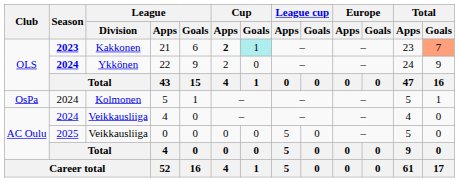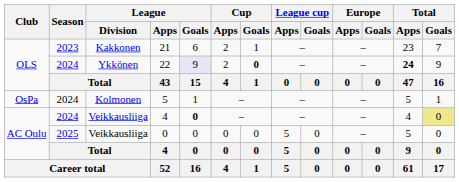 <table class="wikitable" style="text-align:center">
 <tr>
 <th rowspan="2">Club</th>
 <th rowspan="2">Season</th>
 <th colspan="3">League</th>
 <th colspan="2">Cup</th>
 <th colspan="2"><a href='#'>League cup</a></th>
 <th colspan="2">Europe</th>
 <th colspan="2">Total</th>
 </tr>
 <tr>
 <th>Division</th>
 <th>Apps</th>
 <th>Goals</th>
 <th>Apps</th>
 <th>Goals</th>
 <th>Apps</th>
 <th>Goals</th>
 <th>Apps</th>
 <th>Goals</th>
 <th>Apps</th>
 <th>Goals</th>
 </tr>
 <tr>
 <td rowspan=3><a href='#'>OLS</a></td>
-<td><strong><a href='#'>2023</a></strong></td>
+<td><a href='#'>2023</a></td>
 <td><a href='#'>Kakkonen</a></td>
 <td>21</td>
 <td>6</td>
-<td><strong>2</strong></td>
-<td style="background: paleturquoise;">1</td>
+<td>2</td>
+<td>1</td>
 <td colspan=2>–</td>
 <td colspan=2>–</td>
 <td>23</td>
-<td style="background: lightsalmon;">7</td>
+<td>7</td>
 </tr>
 <tr>
-<td><strong><a href='#'>2024</a></strong></td>
+<td><a href='#'>2024</a></td>
 <td><a href='#'>Ykkönen</a></td>
 <td>22</td>
-<td>9</td>
+<td style="background: lavender;">9</td>
 <td>2</td>
-<td>0</td>
+<td><strong>0</strong></td>
 <td colspan=2>–</td>
 <td colspan=2>–</td>
-<td>24</td>
+<td><strong>24</strong></td>
 <td>9</td>
 </tr>
 <tr>
 <th colspan=2>Total</th>
 <th>43</th>
 <th>15</th>
 <th>4</th>
 <th>1</th>
 <th>0</th>
 <th>0</th>
 <th>0</th>
 <th>0</th>
 <th>47</th>
 <th>16</th>
 </tr>
 <tr>
 <td><a href='#'>OsPa</a></td>
 <td>2024</td>
 <td><a href='#'>Kolmonen</a></td>
 <td>5</td>
 <td>1</td>
 <td colspan=2>–</td>
 <td colspan=2>–</td>
 <td colspan=2>–</td>
 <td>5</td>
 <td>1</td>
 </tr>
 <tr>
 <td rowspan=3><a href='#'>AC Oulu</a></td>
 <td><a href='#'>2024</a></td>
 <td><a href='#'>Veikkausliiga</a></td>
 <td>4</td>
-<td>0</td>
+<td><strong>0</strong></td>
 <td colspan=2>–</td>
 <td colspan=2>–</td>
 <td colspan=2>–</td>
 <td>4</td>
-<td>0</td>
+<td style="background: khaki;">0</td>
 </tr>
 <tr>
 <td><a href='#'>2025</a></td>
 <td>Veikkausliiga</td>
 <td>0</td>
 <td>0</td>
 <td>0</td>
 <td>0</td>
 <td>5</td>
 <td>0</td>
 <td colspan=2>–</td>
 <td>5</td>
 <td>0</td>
 </tr>
 <tr>
 <th colspan=2>Total</th>
 <th>4</th>
 <th>0</th>
 <th>0</th>
 <th>0</th>
 <th>5</th>
 <th>0</th>
 <th>0</th>
 <th>0</th>
 <th>9</th>
 <th>0</th>
 </tr>
 <tr>
 <th colspan="3">Career total</th>
 <th>52</th>
 <th>16</th>
 <th>4</th>
 <th>1</th>
 <th>5</th>
 <th>0</th>
 <th>0</th>
 <th>0</th>
 <th>61</th>
 <th>17</th>
 </tr>
 </table>
